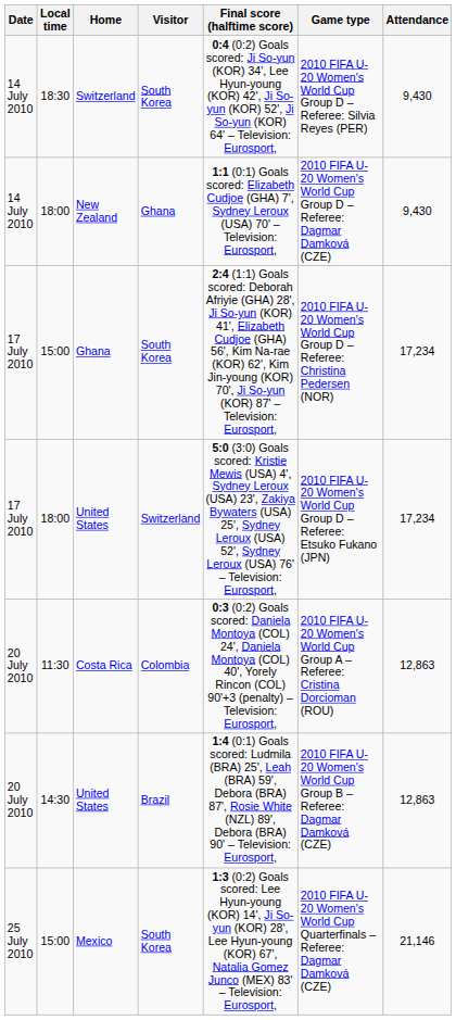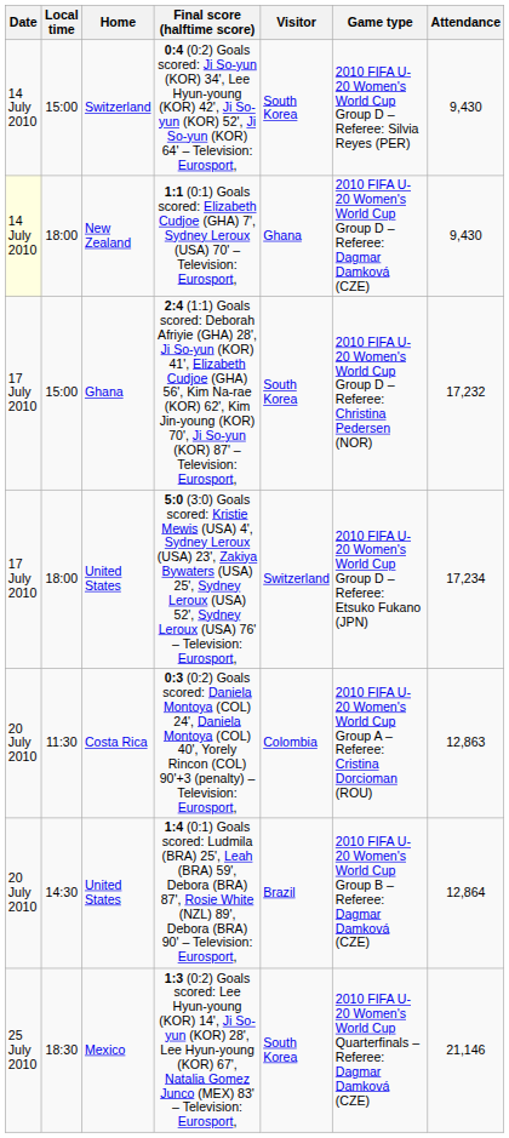 <table class="wikitable" style="text-align:left; width:100%;">
 <tr>
 <th>Date</th>
 <th>Local time</th>
 <th>Home</th>
+<th>Final score (halftime score)</th>
 <th>Visitor</th>
-<th>Final score (halftime score)</th>
 <th>Game type</th>
 <th>Attendance</th>
 </tr>
 <tr>
 <td>14 July 2010</td>
-<td style="text-align:center;">18:30</td>
+<td style="text-align:center;">15:00</td>
 <td> <a href='#'>Switzerland</a></td>
+<td style="text-align:center;"><strong>0:4</strong> (0:2) Goals scored: <a href='#'>Ji So-yun</a> (KOR) 34', Lee Hyun-young (KOR) 42', <a href='#'>Ji So-yun</a> (KOR) 52', <a href='#'>Ji So-yun</a> (KOR) 64' – Television: <a href='#'>Eurosport</a>, </td>
 <td> <a href='#'>South Korea</a></td>
-<td style="text-align:center;"><strong>0:4</strong> (0:2) Goals scored: <a href='#'>Ji So-yun</a> (KOR) 34', Lee Hyun-young (KOR) 42', <a href='#'>Ji So-yun</a> (KOR) 52', <a href='#'>Ji So-yun</a> (KOR) 64' – Television: <a href='#'>Eurosport</a>, </td>
 <td><a href='#'>2010 FIFA U-20 Women's World Cup</a> Group D – Referee: Silvia Reyes (PER)</td>
 <td style="text-align:center;">9,430</td>
 </tr>
 <tr>
-<td>14 July 2010</td>
+<td style="background: lightyellow;">14 July 2010</td>
 <td style="text-align:center;">18:00</td>
 <td> <a href='#'>New Zealand</a></td>
+<td style="text-align:center;"><strong>1:1</strong> (0:1) Goals scored: <a href='#'>Elizabeth Cudjoe</a> (GHA) 7', <a href='#'>Sydney Leroux</a> (USA) 70' – Television: <a href='#'>Eurosport</a>, </td>
 <td> <a href='#'>Ghana</a></td>
-<td style="text-align:center;"><strong>1:1</strong> (0:1) Goals scored: <a href='#'>Elizabeth Cudjoe</a> (GHA) 7', <a href='#'>Sydney Leroux</a> (USA) 70' – Television: <a href='#'>Eurosport</a>, </td>
 <td><a href='#'>2010 FIFA U-20 Women's World Cup</a> Group D – Referee: <a href='#'>Dagmar Damková</a> (CZE)</td>
 <td style="text-align:center;">9,430</td>
 </tr>
 <tr>
 <td>17 July 2010</td>
 <td style="text-align:center;">15:00</td>
 <td> <a href='#'>Ghana</a></td>
+<td style="text-align:center;"><strong>2:4</strong> (1:1) Goals scored: Deborah Afriyie (GHA) 28', <a href='#'>Ji So-yun</a> (KOR) 41', <a href='#'>Elizabeth Cudjoe</a> (GHA) 56', Kim Na-rae (KOR) 62', Kim Jin-young (KOR) 70', <a href='#'>Ji So-yun</a> (KOR) 87' – Television: <a href='#'>Eurosport</a>, </td>
 <td> <a href='#'>South Korea</a></td>
-<td style="text-align:center;"><strong>2:4</strong> (1:1) Goals scored: Deborah Afriyie (GHA) 28', <a href='#'>Ji So-yun</a> (KOR) 41', <a href='#'>Elizabeth Cudjoe</a> (GHA) 56', Kim Na-rae (KOR) 62', Kim Jin-young (KOR) 70', <a href='#'>Ji So-yun</a> (KOR) 87' – Television: <a href='#'>Eurosport</a>, </td>
 <td><a href='#'>2010 FIFA U-20 Women's World Cup</a> Group D – Referee: <a href='#'>Christina Pedersen</a> (NOR)</td>
-<td style="text-align:center;">17,234</td>
+<td style="text-align:center;">17,232</td>
 </tr>
 <tr>
 <td>17 July 2010</td>
 <td style="text-align:center;">18:00</td>
 <td> <a href='#'>United States</a></td>
+<td style="text-align:center;"><strong>5:0</strong> (3:0) Goals scored: <a href='#'>Kristie Mewis</a> (USA) 4', <a href='#'>Sydney Leroux</a> (USA) 23', <a href='#'>Zakiya Bywaters</a> (USA) 25', <a href='#'>Sydney Leroux</a> (USA) 52', <a href='#'>Sydney Leroux</a> (USA) 76' – Television: <a href='#'>Eurosport</a>, </td>
 <td> <a href='#'>Switzerland</a></td>
-<td style="text-align:center;"><strong>5:0</strong> (3:0) Goals scored: <a href='#'>Kristie Mewis</a> (USA) 4', <a href='#'>Sydney Leroux</a> (USA) 23', <a href='#'>Zakiya Bywaters</a> (USA) 25', <a href='#'>Sydney Leroux</a> (USA) 52', <a href='#'>Sydney Leroux</a> (USA) 76' – Television: <a href='#'>Eurosport</a>, </td>
 <td><a href='#'>2010 FIFA U-20 Women's World Cup</a> Group D – Referee: Etsuko Fukano (JPN)</td>
 <td style="text-align:center;">17,234</td>
 </tr>
 <tr>
 <td>20 July 2010</td>
 <td style="text-align:center;">11:30</td>
 <td> <a href='#'>Costa Rica</a></td>
+<td style="text-align:center;"><strong>0:3</strong> (0:2) Goals scored: <a href='#'>Daniela Montoya</a> (COL) 24', <a href='#'>Daniela Montoya</a> (COL) 40', Yorely Rincon (COL) 90'+3 (penalty) – Television: <a href='#'>Eurosport</a>, </td>
 <td> <a href='#'>Colombia</a></td>
-<td style="text-align:center;"><strong>0:3</strong> (0:2) Goals scored: <a href='#'>Daniela Montoya</a> (COL) 24', <a href='#'>Daniela Montoya</a> (COL) 40', Yorely Rincon (COL) 90'+3 (penalty) – Television: <a href='#'>Eurosport</a>, </td>
 <td><a href='#'>2010 FIFA U-20 Women's World Cup</a> Group A – Referee: <a href='#'>Cristina Dorcioman</a> (ROU)</td>
 <td style="text-align:center;">12,863</td>
 </tr>
 <tr>
 <td>20 July 2010</td>
 <td style="text-align:center;">14:30</td>
 <td> <a href='#'>United States</a></td>
+<td style="text-align:center;"><strong>1:4</strong> (0:1) Goals scored: Ludmila (BRA) 25', <a href='#'>Leah</a> (BRA) 59', Debora (BRA) 87', <a href='#'>Rosie White</a> (NZL) 89', Debora (BRA) 90' – Television: <a href='#'>Eurosport</a>, </td>
 <td> <a href='#'>Brazil</a></td>
-<td style="text-align:center;"><strong>1:4</strong> (0:1) Goals scored: Ludmila (BRA) 25', <a href='#'>Leah</a> (BRA) 59', Debora (BRA) 87', <a href='#'>Rosie White</a> (NZL) 89', Debora (BRA) 90' – Television: <a href='#'>Eurosport</a>, </td>
 <td><a href='#'>2010 FIFA U-20 Women's World Cup</a> Group B – Referee: <a href='#'>Dagmar Damková</a> (CZE)</td>
-<td style="text-align:center;">12,863</td>
+<td style="text-align:center;">12,864</td>
 </tr>
 <tr>
 <td>25 July 2010</td>
-<td style="text-align:center;">15:00</td>
+<td style="text-align:center;">18:30</td>
 <td> <a href='#'>Mexico</a></td>
+<td style="text-align:center;"><strong>1:3</strong> (0:2) Goals scored: Lee Hyun-young (KOR) 14', <a href='#'>Ji So-yun</a> (KOR) 28', Lee Hyun-young (KOR) 67', <a href='#'>Natalia Gomez Junco</a> (MEX) 83' – Television: <a href='#'>Eurosport</a>, </td>
 <td> <a href='#'>South Korea</a></td>
-<td style="text-align:center;"><strong>1:3</strong> (0:2) Goals scored: Lee Hyun-young (KOR) 14', <a href='#'>Ji So-yun</a> (KOR) 28', Lee Hyun-young (KOR) 67', <a href='#'>Natalia Gomez Junco</a> (MEX) 83' – Television: <a href='#'>Eurosport</a>, </td>
 <td><a href='#'>2010 FIFA U-20 Women's World Cup</a> Quarterfinals – Referee: <a href='#'>Dagmar Damková</a> (CZE)</td>
 <td style="text-align:center;">21,146</td>
 </tr>
 </table>
